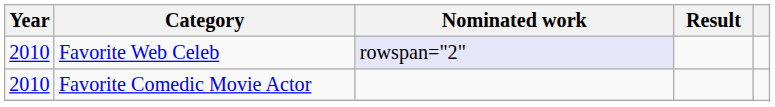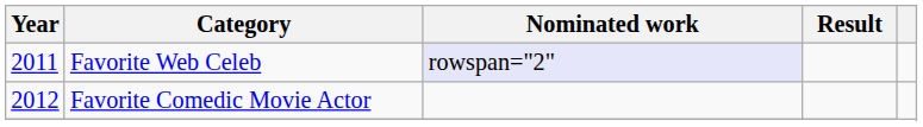 <table class="wikitable">
 <tr>
 <th scope="col" style="width:1em;">Year</th>
 <th scope="col" style="width:35em;">Category</th>
 <th scope="col" style="width:35em;">Nominated work</th>
 <th scope="col" style="width:5em;">Result</th>
 <th scope="col" style="width:1em;"></th>
 </tr>
 <tr>
-<td><a href='#'>2010</a></td>
+<td><a href='#'>2011</a></td>
 <td><a href='#'>Favorite Web Celeb</a></td>
 <td style="background: lavender;">rowspan="2" </td>
 <td></td>
 <td style="text-align:center;"></td>
 </tr>
 <tr>
-<td><a href='#'>2010</a></td>
+<td><a href='#'>2012</a></td>
 <td><a href='#'>Favorite Comedic Movie Actor</a></td>
 <td></td>
 <td style="text-align:center;"></td>
 </tr>
 <tr>
 </tr>
 </table>
